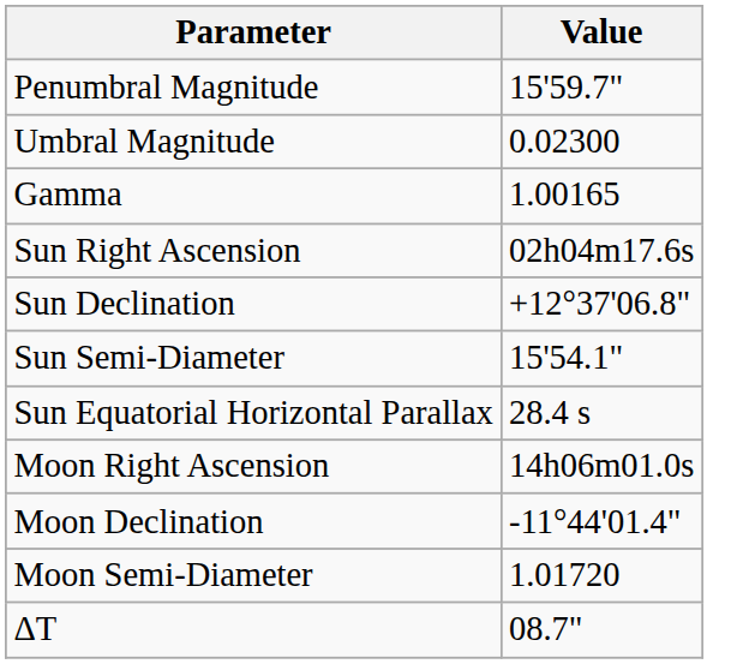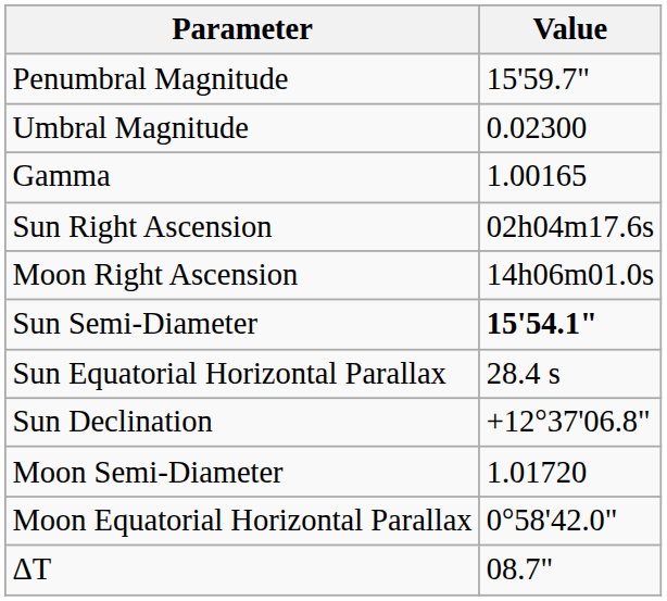 <table class="wikitable">
 <tr>
 <th>Parameter</th>
 <th>Value</th>
 </tr>
 <tr>
 <td>Penumbral Magnitude</td>
 <td>15'59.7"</td>
 </tr>
 <tr>
 <td>Umbral Magnitude</td>
 <td>0.02300</td>
 </tr>
 <tr>
 <td>Gamma</td>
 <td>1.00165</td>
 </tr>
 <tr>
 <td>Sun Right Ascension</td>
 <td>02h04m17.6s</td>
 </tr>
 <tr>
-<td>Sun Declination</td>
-<td>+12°37'06.8"</td>
+<td>Moon Right Ascension</td>
+<td>14h06m01.0s</td>
 </tr>
 <tr>
 <td>Sun Semi-Diameter</td>
-<td>15'54.1"</td>
+<td><strong>15'54.1"</strong></td>
 </tr>
 <tr>
 <td>Sun Equatorial Horizontal Parallax</td>
 <td>28.4 s</td>
 </tr>
 <tr>
-<td>Moon Right Ascension</td>
-<td>14h06m01.0s</td>
-</tr>
-<tr>
-<td>Moon Declination</td>
-<td>-11°44'01.4"</td>
+<td>Sun Declination</td>
+<td>+12°37'06.8"</td>
 </tr>
 <tr>
 <td>Moon Semi-Diameter</td>
 <td>1.01720</td>
 </tr>
 <tr>
+<td>Moon Equatorial Horizontal Parallax</td>
+<td>0°58'42.0"</td>
+</tr>
+<tr>
 <td>ΔT</td>
 <td>08.7"</td>
 </tr>
 </table>
